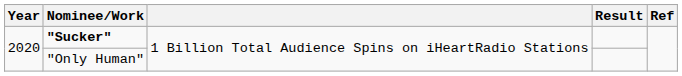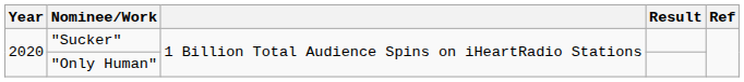 <table class="wikitable">
 <tr>
 <th>Year</th>
 <th>Nominee/Work</th>
 <th></th>
 <th>Result</th>
 <th>Ref</th>
 </tr>
 <tr>
 <td rowspan="2">2020</td>
-<td><strong>"Sucker"</strong></td>
+<td>"Sucker"</td>
 <td rowspan="2">1 Billion Total Audience Spins on iHeartRadio Stations</td>
 <td></td>
 <td rowspan="2"></td>
 </tr>
 <tr>
 <td>"Only Human"</td>
 <td></td>
 </tr>
 </table>
